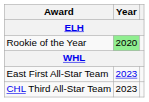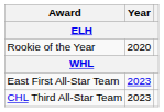 <table class="wikitable">
 <tr>
 <th>Award</th>
 <th>Year</th>
 <th></th>
 </tr>
 <tr ALIGN="center" bgcolor="#e0e0e0">
 <th colspan="4"><a href='#'>ELH</a></th>
 </tr>
 <tr>
 <td>Rookie of the Year</td>
-<td style="background: lightgreen;">2020</td>
+<td>2020</td>
 <td></td>
 </tr>
 <tr ALIGN="center" bgcolor="#e0e0e0">
 <th colspan="4"><a href='#'>WHL</a></th>
 </tr>
 <tr>
 <td>East First All-Star Team</td>
 <td><a href='#'>2023</a></td>
 <td></td>
 </tr>
 <tr>
 <td><a href='#'>CHL</a> Third All-Star Team</td>
 <td>2023</td>
 <td></td>
 </tr>
 </table>
